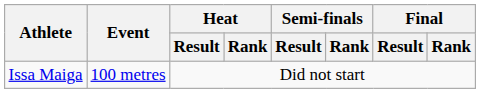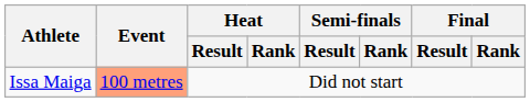 <table class="wikitable" style="font-size:90%; text-align:center">
 <tr>
 <th rowspan="2">Athlete</th>
 <th rowspan="2">Event</th>
 <th colspan="2">Heat</th>
 <th colspan="2">Semi-finals</th>
 <th colspan="2">Final</th>
 </tr>
 <tr>
 <th>Result</th>
 <th>Rank</th>
 <th>Result</th>
 <th>Rank</th>
 <th>Result</th>
 <th>Rank</th>
 </tr>
 <tr>
 <td align="left"><a href='#'>Issa Maiga</a></td>
-<td align="left"><a href='#'>100 metres</a></td>
+<td align="left" style="background: lightsalmon;"><a href='#'>100 metres</a></td>
 <td colspan="6">Did not start</td>
 </tr>
 </table>
